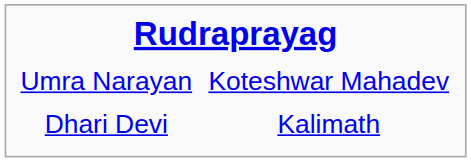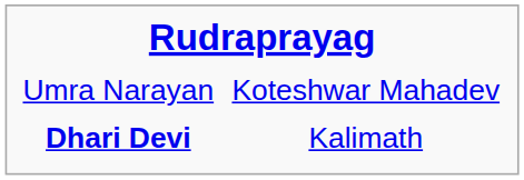 <table class="infobox" style="width: 280px; text-align: center">
 <tr>
 <th style="text-align:center; font-size: 125%;" colspan = "2"><a href='#'>Rudraprayag</a></th>
 </tr>
 <tr>
 <td></td>
 <td></td>
 </tr>
 <tr>
 <td><a href='#'>Umra Narayan</a></td>
 <td><a href='#'>Koteshwar Mahadev</a></td>
 </tr>
 <tr>
 <td></td>
 <td></td>
 </tr>
 <tr>
-<td><a href='#'>Dhari Devi</a></td>
+<td><strong><a href='#'>Dhari Devi</a></strong></td>
 <td><a href='#'>Kalimath</a></td>
 </tr>
 <tr>
 <td></td>
 </tr>
 </table>
